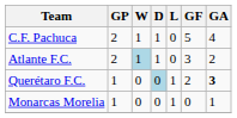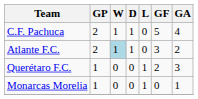 <table class="wikitable" style="text-align: left; font-size:95%;">
 <tr>
 <th>Team</th>
 <th>GP</th>
 <th>W</th>
 <th>D</th>
 <th>L</th>
 <th>GF</th>
 <th>GA</th>
 </tr>
 <tr>
 <td><a href='#'>C.F. Pachuca</a></td>
 <td>2</td>
 <td>1</td>
 <td>1</td>
 <td>0</td>
 <td>5</td>
 <td>4</td>
 </tr>
 <tr>
 <td><a href='#'>Atlante F.C.</a></td>
 <td>2</td>
 <td style="background: lightblue;">1</td>
 <td>1</td>
 <td>0</td>
 <td>3</td>
 <td>2</td>
 </tr>
 <tr>
 <td><a href='#'>Querétaro F.C.</a></td>
 <td>1</td>
 <td>0</td>
-<td style="background: lightblue;">0</td>
+<td>0</td>
 <td>1</td>
 <td>2</td>
-<td><strong>3</strong></td>
+<td>3</td>
 </tr>
 <tr>
 <td><a href='#'>Monarcas Morelia</a></td>
 <td>1</td>
 <td>0</td>
 <td>0</td>
 <td>1</td>
 <td>0</td>
 <td>1</td>
 </tr>
 <tr>
 </tr>
 </table>
